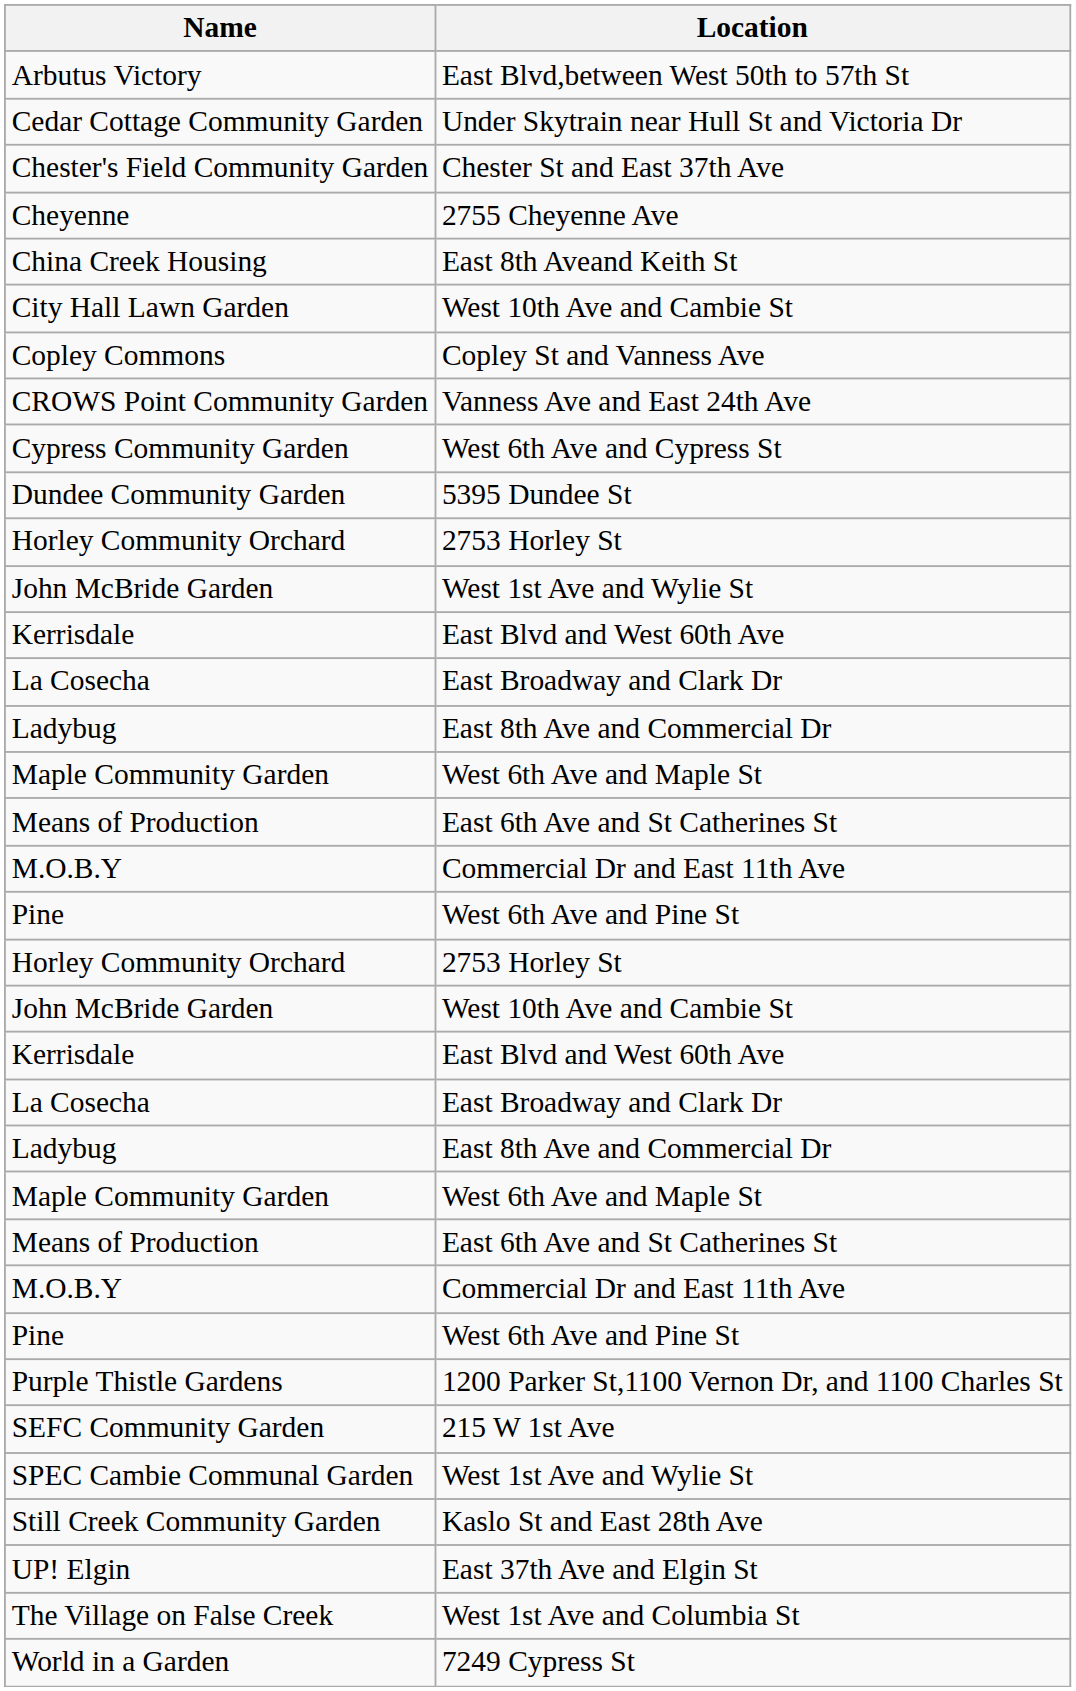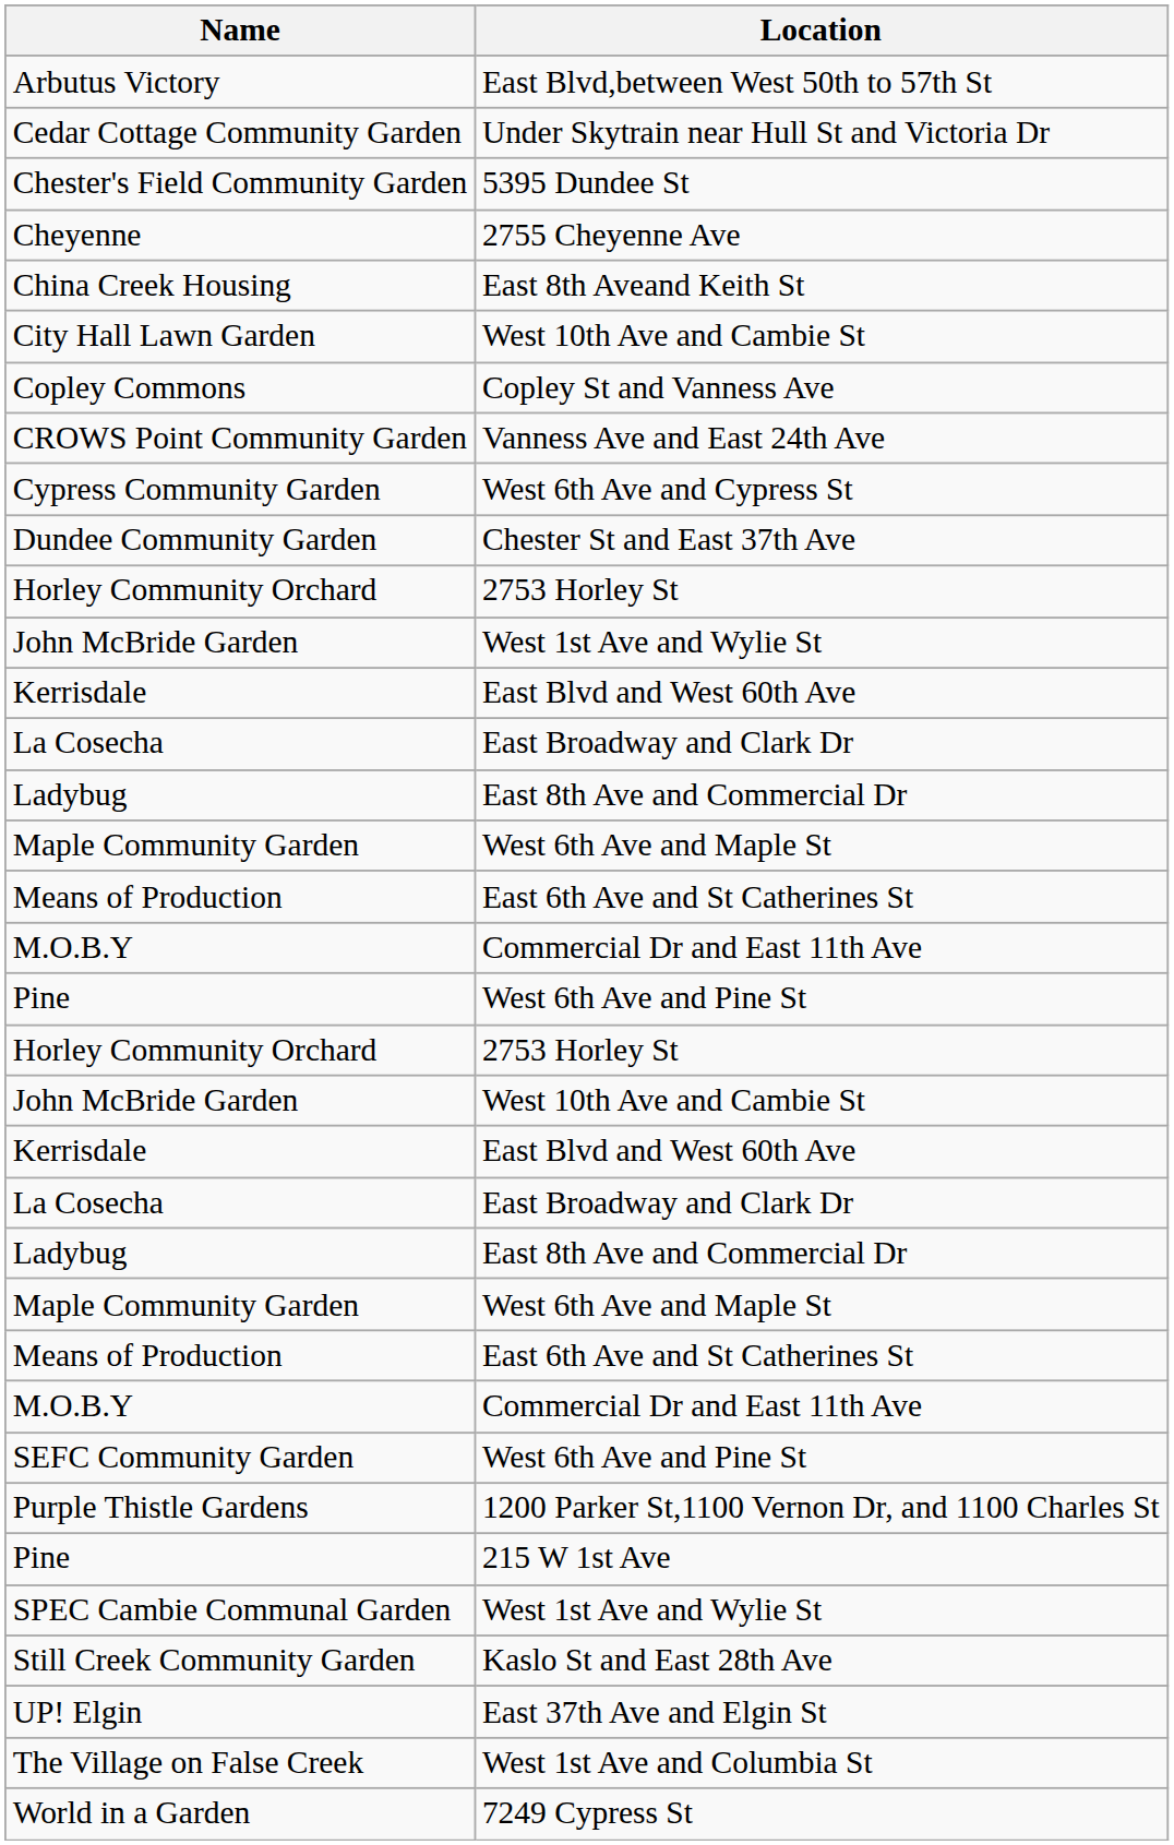 <table class="wikitable sortable">
 <tr>
 <th>Name</th>
 <th>Location</th>
 </tr>
 <tr>
 <td>Arbutus Victory</td>
 <td>East Blvd,between West 50th to 57th St</td>
 </tr>
 <tr>
 <td>Cedar Cottage Community Garden</td>
 <td>Under Skytrain near Hull St and Victoria Dr</td>
 </tr>
 <tr>
 <td>Chester's Field Community Garden</td>
-<td>Chester St and East 37th Ave</td>
+<td>5395 Dundee St</td>
 </tr>
 <tr>
 <td>Cheyenne</td>
 <td>2755 Cheyenne Ave</td>
 </tr>
 <tr>
 <td>China Creek Housing</td>
 <td>East 8th Aveand Keith St</td>
 </tr>
 <tr>
 <td>City Hall Lawn Garden</td>
 <td>West 10th Ave and Cambie St</td>
 </tr>
 <tr>
 <td>Copley Commons</td>
 <td>Copley St and Vanness Ave</td>
 </tr>
 <tr>
 <td>CROWS Point Community Garden</td>
 <td>Vanness Ave and East 24th Ave</td>
 </tr>
 <tr>
 <td>Cypress Community Garden</td>
 <td>West 6th Ave and Cypress St</td>
 </tr>
 <tr>
 <td>Dundee Community Garden</td>
-<td>5395 Dundee St</td>
+<td>Chester St and East 37th Ave</td>
 </tr>
 <tr>
 <td>Horley Community Orchard</td>
 <td>2753 Horley St</td>
 </tr>
 <tr>
 <td>John McBride Garden</td>
 <td>West 1st Ave and Wylie St</td>
 </tr>
 <tr>
 <td>Kerrisdale</td>
 <td>East Blvd and West 60th Ave</td>
 </tr>
 <tr>
 <td>La Cosecha</td>
 <td>East Broadway and Clark Dr</td>
 </tr>
 <tr>
 <td>Ladybug</td>
 <td>East 8th Ave and Commercial Dr</td>
 </tr>
 <tr>
 <td>Maple Community Garden</td>
 <td>West 6th Ave and Maple St</td>
 </tr>
 <tr>
 <td>Means of Production</td>
 <td>East 6th Ave and St Catherines St</td>
 </tr>
 <tr>
 <td>M.O.B.Y</td>
 <td>Commercial Dr and East 11th Ave</td>
 </tr>
 <tr>
 <td>Pine</td>
 <td>West 6th Ave and Pine St</td>
 </tr>
 <tr>
 <td>Horley Community Orchard</td>
 <td>2753 Horley St</td>
 </tr>
 <tr>
 <td>John McBride Garden</td>
 <td>West 10th Ave and Cambie St</td>
 </tr>
 <tr>
 <td>Kerrisdale</td>
 <td>East Blvd and West 60th Ave</td>
 </tr>
 <tr>
 <td>La Cosecha</td>
 <td>East Broadway and Clark Dr</td>
 </tr>
 <tr>
 <td>Ladybug</td>
 <td>East 8th Ave and Commercial Dr</td>
 </tr>
 <tr>
 <td>Maple Community Garden</td>
 <td>West 6th Ave and Maple St</td>
 </tr>
 <tr>
 <td>Means of Production</td>
 <td>East 6th Ave and St Catherines St</td>
 </tr>
 <tr>
 <td>M.O.B.Y</td>
 <td>Commercial Dr and East 11th Ave</td>
 </tr>
 <tr>
-<td>Pine</td>
+<td>SEFC Community Garden</td>
 <td>West 6th Ave and Pine St</td>
 </tr>
 <tr>
 <td>Purple Thistle Gardens</td>
 <td>1200 Parker St,1100 Vernon Dr, and 1100 Charles St</td>
 </tr>
 <tr>
-<td>SEFC Community Garden</td>
+<td>Pine</td>
 <td>215 W 1st Ave</td>
 </tr>
 <tr>
 <td>SPEC Cambie Communal Garden</td>
 <td>West 1st Ave and Wylie St</td>
 </tr>
 <tr>
 <td>Still Creek Community Garden</td>
 <td>Kaslo St and East 28th Ave</td>
 </tr>
 <tr>
 <td>UP! Elgin</td>
 <td>East 37th Ave and Elgin St</td>
 </tr>
 <tr>
 <td>The Village on False Creek</td>
 <td>West 1st Ave and Columbia St</td>
 </tr>
 <tr>
 <td>World in a Garden</td>
 <td>7249 Cypress St</td>
 </tr>
 </table>
